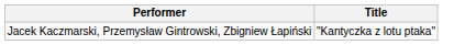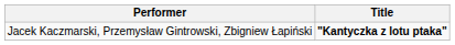 <table class="wikitable">
 <tr>
 <th>Performer</th>
 <th>Title</th>
 </tr>
 <tr>
 <td>Jacek Kaczmarski, Przemysław Gintrowski, Zbigniew Łapiński</td>
-<td>"Kantyczka z lotu ptaka"</td>
+<td><strong>"Kantyczka z lotu ptaka"</strong></td>
 </tr>
 </table>
